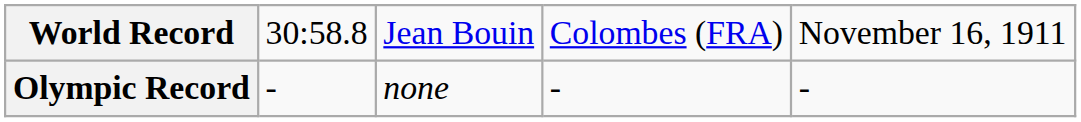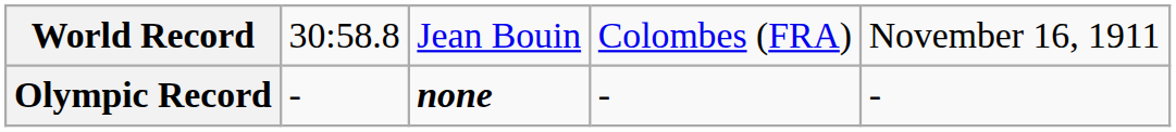 <table class="wikitable" style="font-size:95%;">
 <tr>
 <th>World Record</th>
 <td>30:58.8</td>
 <td> <a href='#'>Jean Bouin</a></td>
 <td><a href='#'>Colombes</a> (<a href='#'>FRA</a>)</td>
 <td>November 16, 1911</td>
 </tr>
 <tr>
 <th>Olympic Record</th>
 <td>-</td>
-<td><em>none</em></td>
+<td><strong><em>none</em></strong></td>
 <td>-</td>
 <td>-</td>
 </tr>
 </table>
